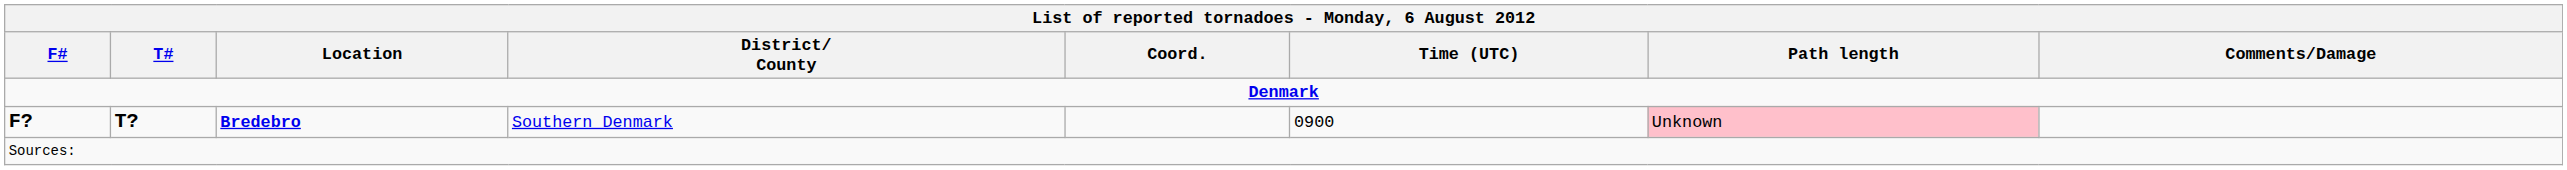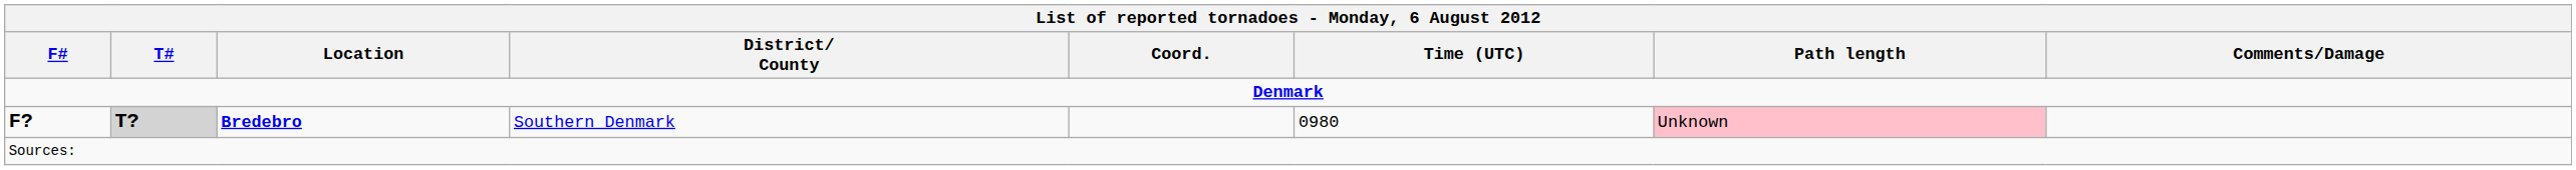 <table class="wikitable collapsible" width="100%">
 <tr>
 <th colspan="8">List of reported tornadoes - Monday, 6 August 2012</th>
 </tr>
 <tr>
 <th><a href='#'>F#</a></th>
 <th><a href='#'>T#</a></th>
 <th>Location</th>
 <th>District/<br>County</th>
 <th>Coord.</th>
 <th>Time (UTC)</th>
 <th>Path length</th>
 <th>Comments/Damage</th>
 </tr>
 <tr>
 <td colspan="8" align=center><strong><a href='#'>Denmark</a></strong></td>
 </tr>
 <tr>
 <td><big><strong>F?</strong></big></td>
-<td><big><strong>T?</strong></big></td>
+<td style="background: lightgrey;"><big><strong>T?</strong></big></td>
 <td><strong><a href='#'>Bredebro</a></strong></td>
 <td><a href='#'>Southern Denmark</a></td>
 <td></td>
-<td>0900</td>
+<td>0980</td>
 <td style="background: pink;">Unknown</td>
 <td></td>
 </tr>
 <tr>
 <td colspan="8"><small>Sources:  </small></td>
 </tr>
 </table>
